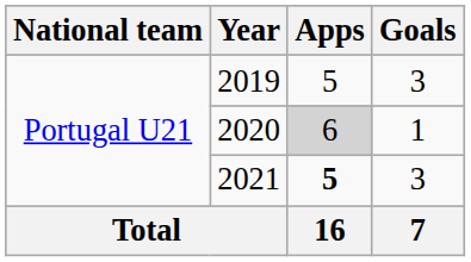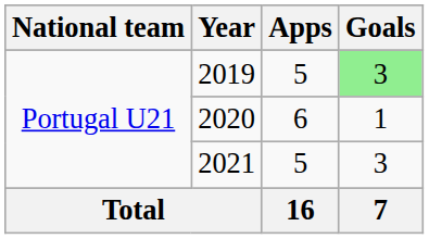 <table class="wikitable" style="text-align:center">
 <tr>
 <th>National team</th>
 <th>Year</th>
 <th>Apps</th>
 <th>Goals</th>
 </tr>
 <tr>
 <td rowspan="3"><a href='#'>Portugal U21</a></td>
 <td>2019</td>
 <td>5</td>
-<td>3</td>
+<td style="background: lightgreen;">3</td>
 </tr>
 <tr>
 <td>2020</td>
-<td style="background: lightgrey;">6</td>
+<td>6</td>
 <td>1</td>
 </tr>
 <tr>
 <td>2021</td>
-<td><strong>5</strong></td>
+<td>5</td>
 <td>3</td>
 </tr>
 <tr>
 <th colspan="2">Total</th>
 <th>16</th>
 <th>7</th>
 </tr>
 </table>
